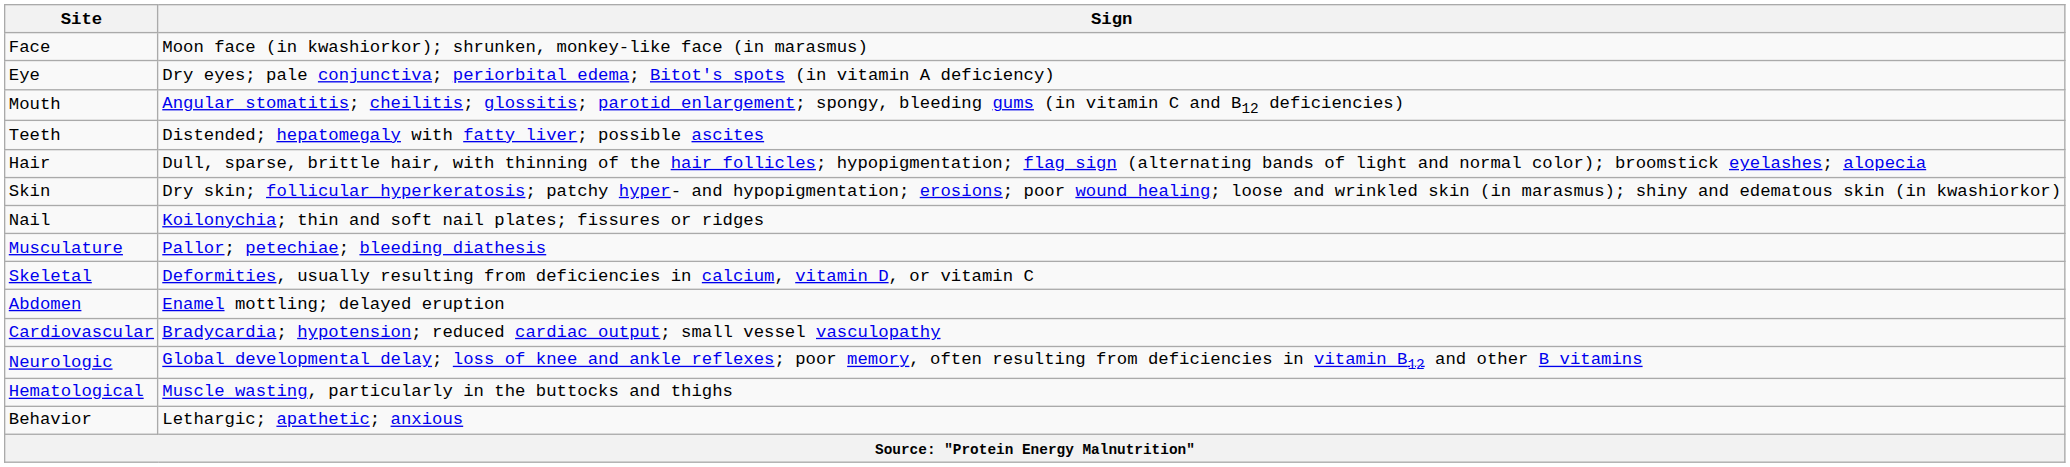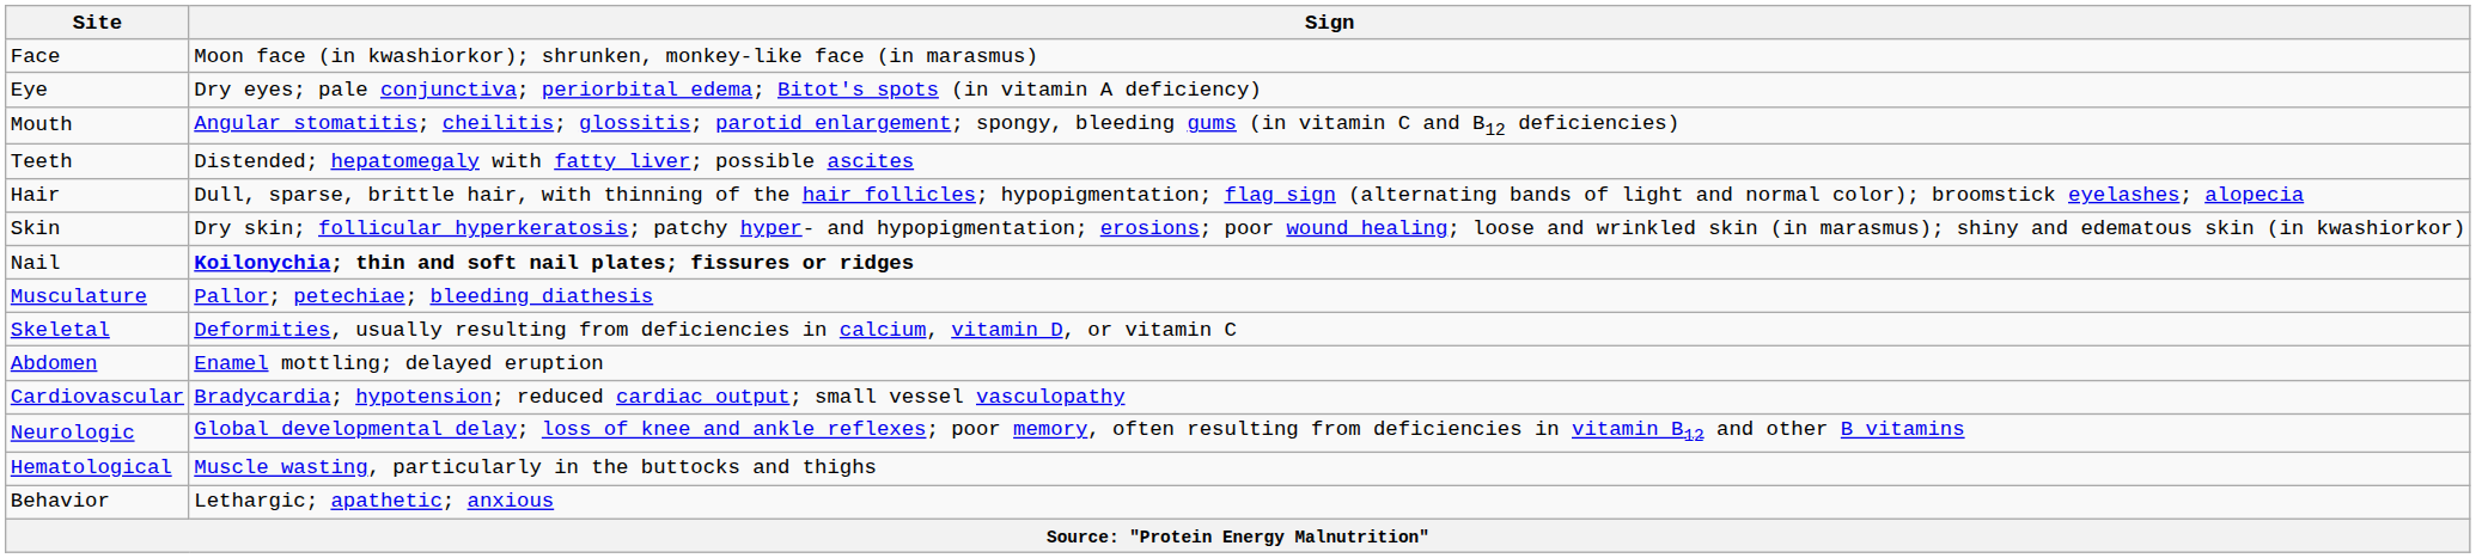 <table class="wikitable">
 <tr>
 <th>Site</th>
 <th>Sign</th>
 </tr>
 <tr>
 <td>Face</td>
 <td>Moon face (in kwashiorkor); shrunken, monkey-like face (in marasmus)</td>
 </tr>
 <tr>
 <td>Eye</td>
 <td>Dry eyes; pale <a href='#'>conjunctiva</a>; <a href='#'>periorbital edema</a>; <a href='#'>Bitot's spots</a> (in vitamin A deficiency)</td>
 </tr>
 <tr>
 <td>Mouth</td>
 <td><a href='#'>Angular stomatitis</a>; <a href='#'>cheilitis</a>; <a href='#'>glossitis</a>; <a href='#'>parotid enlargement</a>; spongy, bleeding <a href='#'>gums</a> (in vitamin C and B<sub>12</sub> deficiencies)</td>
 </tr>
 <tr>
 <td>Teeth</td>
 <td>Distended; <a href='#'>hepatomegaly</a> with <a href='#'>fatty liver</a>; possible <a href='#'>ascites</a></td>
 </tr>
 <tr>
 <td>Hair</td>
 <td>Dull, sparse, brittle hair, with thinning of the <a href='#'>hair follicles</a>; hypopigmentation; <a href='#'>flag sign</a> (alternating bands of light and normal color); broomstick <a href='#'>eyelashes</a>; <a href='#'>alopecia</a></td>
 </tr>
 <tr>
 <td>Skin</td>
 <td>Dry skin; <a href='#'>follicular hyperkeratosis</a>; patchy <a href='#'>hyper</a>- and hypopigmentation; <a href='#'>erosions</a>; poor <a href='#'>wound healing</a>; loose and wrinkled skin (in marasmus); shiny and edematous skin (in kwashiorkor)</td>
 </tr>
 <tr>
 <td>Nail</td>
-<td><a href='#'>Koilonychia</a>; thin and soft nail plates; fissures or ridges</td>
+<td><strong><a href='#'>Koilonychia</a>; thin and soft nail plates; fissures or ridges</strong></td>
 </tr>
 <tr>
 <td><a href='#'>Musculature</a></td>
 <td><a href='#'>Pallor</a>; <a href='#'>petechiae</a>; <a href='#'>bleeding diathesis</a></td>
 </tr>
 <tr>
 <td><a href='#'>Skeletal</a></td>
 <td><a href='#'>Deformities</a>, usually resulting from deficiencies in <a href='#'>calcium</a>, <a href='#'>vitamin D</a>, or vitamin C</td>
 </tr>
 <tr>
 <td><a href='#'>Abdomen</a></td>
 <td><a href='#'>Enamel</a> mottling; delayed eruption</td>
 </tr>
 <tr>
 <td><a href='#'>Cardiovascular</a></td>
 <td><a href='#'>Bradycardia</a>; <a href='#'>hypotension</a>; reduced <a href='#'>cardiac output</a>; small vessel <a href='#'>vasculopathy</a></td>
 </tr>
 <tr>
 <td><a href='#'>Neurologic</a></td>
 <td><a href='#'>Global developmental delay</a>; <a href='#'>loss of knee and ankle reflexes</a>; poor <a href='#'>memory</a>, often resulting from deficiencies in <a href='#'>vitamin B<sub>12</sub></a> and other <a href='#'>B vitamins</a></td>
 </tr>
 <tr>
 <td><a href='#'>Hematological</a></td>
 <td><a href='#'>Muscle wasting</a>, particularly in the buttocks and thighs</td>
 </tr>
 <tr>
 <td>Behavior</td>
 <td>Lethargic; <a href='#'>apathetic</a>; <a href='#'>anxious</a></td>
 </tr>
 <tr>
 <th colspan=16><small>Source: "Protein Energy Malnutrition"</small></th>
 </tr>
 </table>
